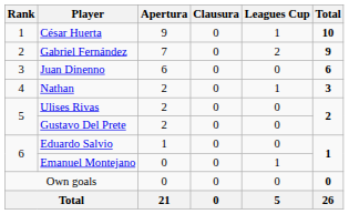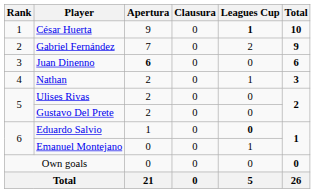 <table class="wikitable" style="text-align:center;">
 <tr>
 <th>Rank</th>
 <th>Player</th>
 <th>Apertura</th>
 <th>Clausura</th>
 <th>Leagues Cup</th>
 <th>Total</th>
 </tr>
 <tr>
 <td>1</td>
 <td align=left> <a href='#'>César Huerta</a></td>
 <td>9</td>
 <td>0</td>
-<td>1</td>
+<td><strong>1</strong></td>
 <td><strong>10</strong></td>
 </tr>
 <tr>
 <td>2</td>
 <td align=left> <a href='#'>Gabriel Fernández</a></td>
 <td>7</td>
 <td>0</td>
 <td>2</td>
 <td><strong>9</strong></td>
 </tr>
 <tr>
 <td>3</td>
 <td align=left> <a href='#'>Juan Dinenno</a></td>
-<td>6</td>
+<td><strong>6</strong></td>
 <td>0</td>
 <td>0</td>
 <td><strong>6</strong></td>
 </tr>
 <tr>
 <td>4</td>
 <td align=left> <a href='#'>Nathan</a></td>
 <td>2</td>
 <td>0</td>
 <td>1</td>
 <td><strong>3</strong></td>
 </tr>
 <tr>
 <td rowspan="2">5</td>
 <td align=left> <a href='#'>Ulises Rivas</a></td>
 <td>2</td>
 <td>0</td>
 <td>0</td>
 <td rowspan="2"><strong>2</strong></td>
 </tr>
 <tr>
 <td align=left> <a href='#'>Gustavo Del Prete</a></td>
 <td>2</td>
 <td>0</td>
 <td>0</td>
 </tr>
 <tr>
 <td rowspan="2">6</td>
 <td align=left> <a href='#'>Eduardo Salvio</a></td>
 <td>1</td>
 <td>0</td>
-<td>0</td>
+<td><strong>0</strong></td>
 <td rowspan="2"><strong>1</strong></td>
 </tr>
 <tr>
 <td align=left> <a href='#'>Emanuel Montejano</a></td>
 <td>0</td>
 <td>0</td>
 <td>1</td>
 </tr>
 <tr>
 <td align=center colspan=2>Own goals</td>
 <td>0</td>
 <td>0</td>
 <td>0</td>
 <td><strong>0</strong></td>
 </tr>
 <tr>
 <th colspan=2>Total</th>
 <th>21</th>
 <th>0</th>
 <th>5</th>
 <th>26</th>
 </tr>
 </table>
